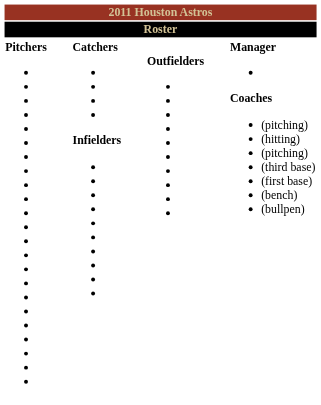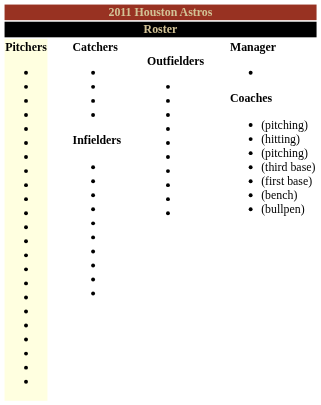 <table class="toccolours" style="font-size: 95%;">
 <tr>
 <th colspan="10" style="background:#983222; color:#d2c295; text-align:center;">2011 Houston Astros</th>
 </tr>
 <tr>
 <td colspan="10" style="background:#000; color:#d2c295; text-align:center;"><strong>Roster</strong></td>
 </tr>
 <tr>
-<td valign="top"><strong>Pitchers</strong><br><ul><li></li><li></li><li></li><li></li><li></li><li></li><li></li><li></li><li></li><li></li><li></li><li></li><li></li><li></li><li></li><li></li><li></li><li></li><li></li><li></li><li></li><li></li><li></li></ul></td>
+<td valign="top" style="background: lightyellow;"><strong>Pitchers</strong><br><ul><li></li><li></li><li></li><li></li><li></li><li></li><li></li><li></li><li></li><li></li><li></li><li></li><li></li><li></li><li></li><li></li><li></li><li></li><li></li><li></li><li></li><li></li><li></li></ul></td>
 <td style="width:25px;"></td>
 <td valign="top"><strong>Catchers</strong><br><ul><li></li><li></li><li></li><li></li></ul><strong>Infielders</strong><ul><li></li><li></li><li></li><li></li><li></li><li></li><li></li><li></li><li></li><li></li></ul></td>
 <td style="width:25px;"></td>
 <td valign="top"><br><strong>Outfielders</strong><ul><li></li><li></li><li></li><li></li><li></li><li></li><li></li><li></li><li></li><li></li></ul></td>
 <td style="width:25px;"></td>
 <td valign="top"><strong>Manager</strong><br><ul><li></li></ul><strong>Coaches</strong><ul><li> (pitching)</li><li> (hitting)</li><li> (pitching)</li><li> (third base)</li><li> (first base)</li><li> (bench)</li><li>(bullpen)</li></ul></td>
 </tr>
 </table>
